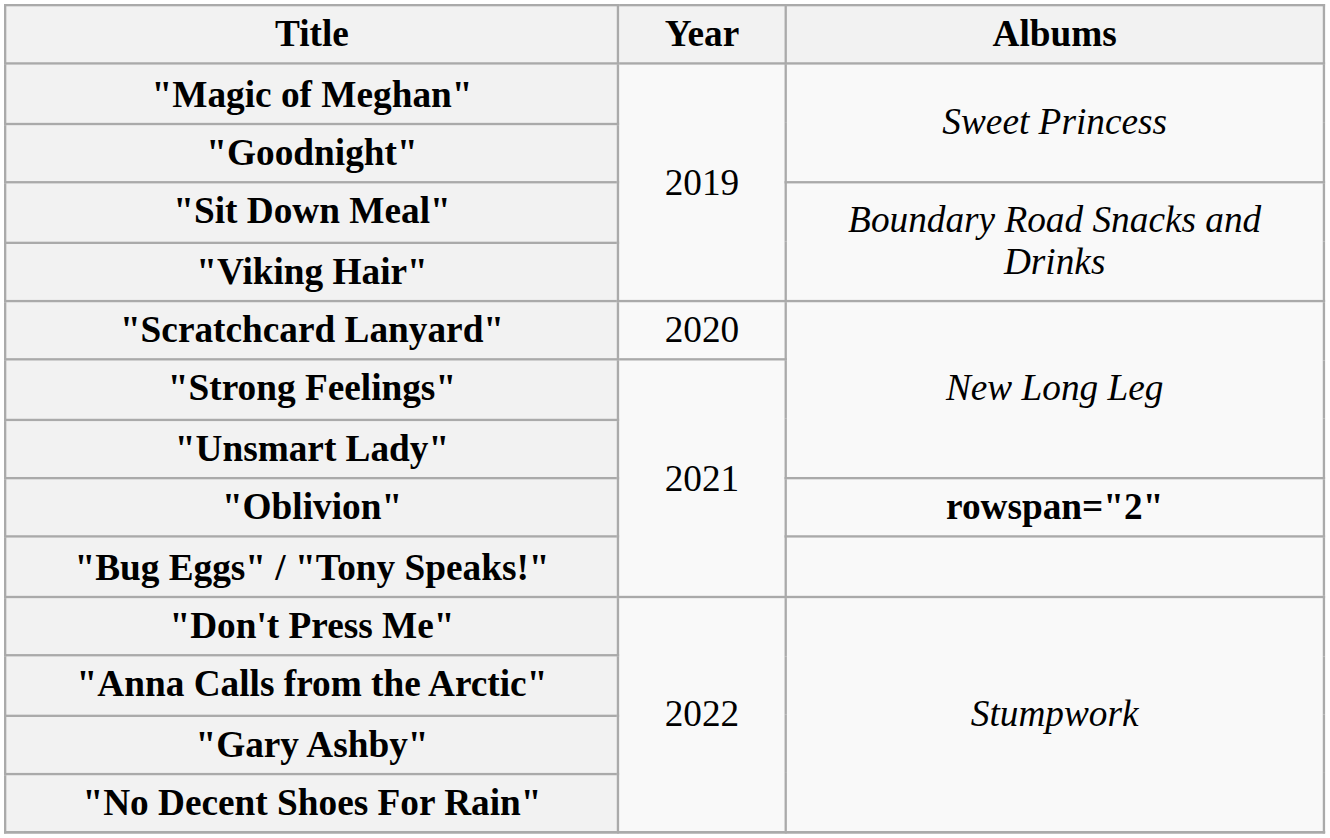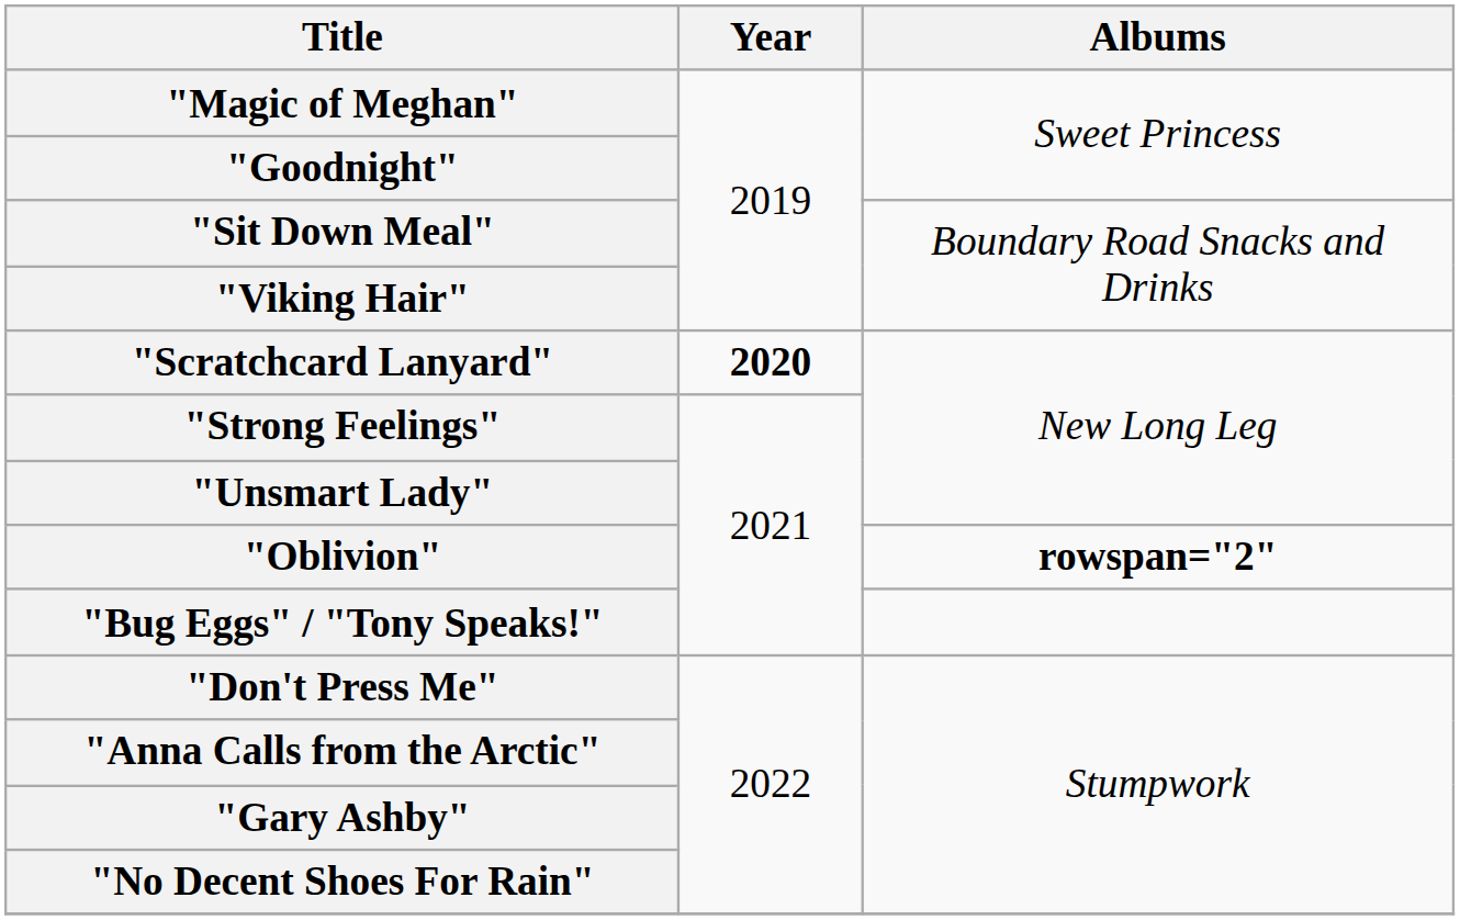 <table class="wikitable plainrowheaders" style="text-align:center;" border="1">
 <tr>
 <th scope="col" style="width:16em;">Title</th>
 <th scope="col" style="width:4em;">Year</th>
 <th scope="col" style="width:14em;">Albums</th>
 </tr>
 <tr>
 <th scope="row">"Magic of Meghan"</th>
 <td rowspan="4">2019</td>
 <td rowspan="2"><em>Sweet Princess</em></td>
 </tr>
 <tr>
 <th scope="row">"Goodnight"</th>
 </tr>
 <tr>
 <th scope="row">"Sit Down Meal"</th>
 <td rowspan="2"><em>Boundary Road Snacks and Drinks</em></td>
 </tr>
 <tr>
 <th scope="row">"Viking Hair"</th>
 </tr>
 <tr>
 <th scope="row">"Scratchcard Lanyard"</th>
-<td>2020</td>
+<td><strong>2020</strong></td>
 <td rowspan="3"><em>New Long Leg</em></td>
 </tr>
 <tr>
 <th scope="row">"Strong Feelings"</th>
 <td rowspan="4">2021</td>
 </tr>
 <tr>
 <th scope="row">"Unsmart Lady"</th>
 </tr>
 <tr>
 <th scope="row">"Oblivion"</th>
 <td><strong>rowspan="2" </strong></td>
 </tr>
 <tr>
 <th scope="row">"Bug Eggs" / "Tony Speaks!"</th>
 </tr>
 <tr>
 <th scope="row">"Don't Press Me"</th>
 <td rowspan="4">2022</td>
 <td rowspan="4"><em>Stumpwork</em></td>
 </tr>
 <tr>
 <th scope="row">"Anna Calls from the Arctic"</th>
 </tr>
 <tr>
 <th scope="row">"Gary Ashby"</th>
 </tr>
 <tr>
 <th scope="row">"No Decent Shoes For Rain"</th>
 </tr>
 <tr>
 </tr>
 </table>
